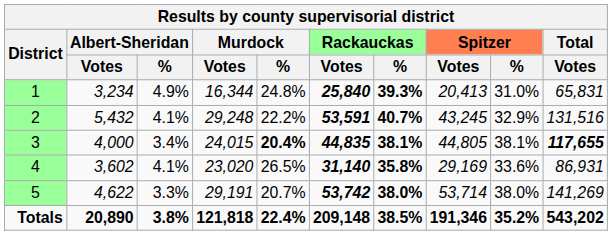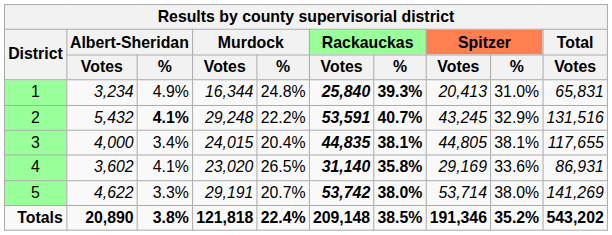 <table class="wikitable sortable" style="text-align:right">
 <tr>
 <th colspan=10>Results by county supervisorial district</th>
 </tr>
 <tr>
 <th rowspan=2>District</th>
 <th colspan=2>Albert-Sheridan</th>
 <th colspan=2>Murdock</th>
 <th colspan=2 style=background:#9f9>Rackauckas</th>
 <th colspan=2 style=background:#ff7f50>Spitzer</th>
 <th>Total</th>
 </tr>
 <tr>
 <th>Votes</th>
 <th>%</th>
 <th>Votes</th>
 <th>%</th>
 <th>Votes</th>
 <th>%</th>
 <th>Votes</th>
 <th>%</th>
 <th data-sort-type=number>Votes</th>
 </tr>
 <tr>
 <td align=center bgcolor=#9f9>1</td>
 <td><em>3,234</em></td>
 <td>4.9%</td>
 <td><em>16,344</em></td>
 <td>24.8%</td>
 <td><strong><em>25,840</em></strong></td>
 <td><strong>39.3%</strong></td>
 <td><em>20,413</em></td>
 <td>31.0%</td>
 <td><em>65,831</em></td>
 </tr>
 <tr>
 <td align=center bgcolor=#9f9>2</td>
 <td><em>5,432</em></td>
-<td>4.1%</td>
+<td><strong>4.1%</strong></td>
 <td><em>29,248</em></td>
 <td>22.2%</td>
 <td><strong><em>53,591</em></strong></td>
 <td><strong>40.7%</strong></td>
 <td><em>43,245</em></td>
 <td>32.9%</td>
 <td><em>131,516</em></td>
 </tr>
 <tr>
 <td align=center bgcolor=#9f9>3</td>
 <td><em>4,000</em></td>
 <td>3.4%</td>
 <td><em>24,015</em></td>
-<td><strong>20.4%</strong></td>
+<td>20.4%</td>
 <td><strong><em>44,835</em></strong></td>
 <td><strong>38.1%</strong></td>
 <td><em>44,805</em></td>
 <td>38.1%</td>
-<td><strong><em>117,655</em></strong></td>
+<td><em>117,655</em></td>
 </tr>
 <tr>
 <td align=center bgcolor=#9f9>4</td>
 <td><em>3,602</em></td>
 <td>4.1%</td>
 <td><em>23,020</em></td>
 <td>26.5%</td>
 <td><strong><em>31,140</em></strong></td>
 <td><strong>35.8%</strong></td>
 <td><em>29,169</em></td>
 <td>33.6%</td>
 <td><em>86,931</em></td>
 </tr>
 <tr>
 <td align=center bgcolor=#9f9>5</td>
 <td><em>4,622</em></td>
 <td>3.3%</td>
 <td><em>29,191</em></td>
 <td>20.7%</td>
 <td><strong><em>53,742</em></strong></td>
 <td><strong>38.0%</strong></td>
 <td><em>53,714</em></td>
 <td>38.0%</td>
 <td><em>141,269</em></td>
 </tr>
 <tr class="sortbottom" style="text-align:right; font-weight:bold">
 <td>Totals</td>
 <td>20,890</td>
 <td>3.8%</td>
 <td>121,818</td>
 <td>22.4%</td>
 <td>209,148</td>
 <td>38.5%</td>
 <td>191,346</td>
 <td>35.2%</td>
 <td>543,202</td>
 </tr>
 </table>
